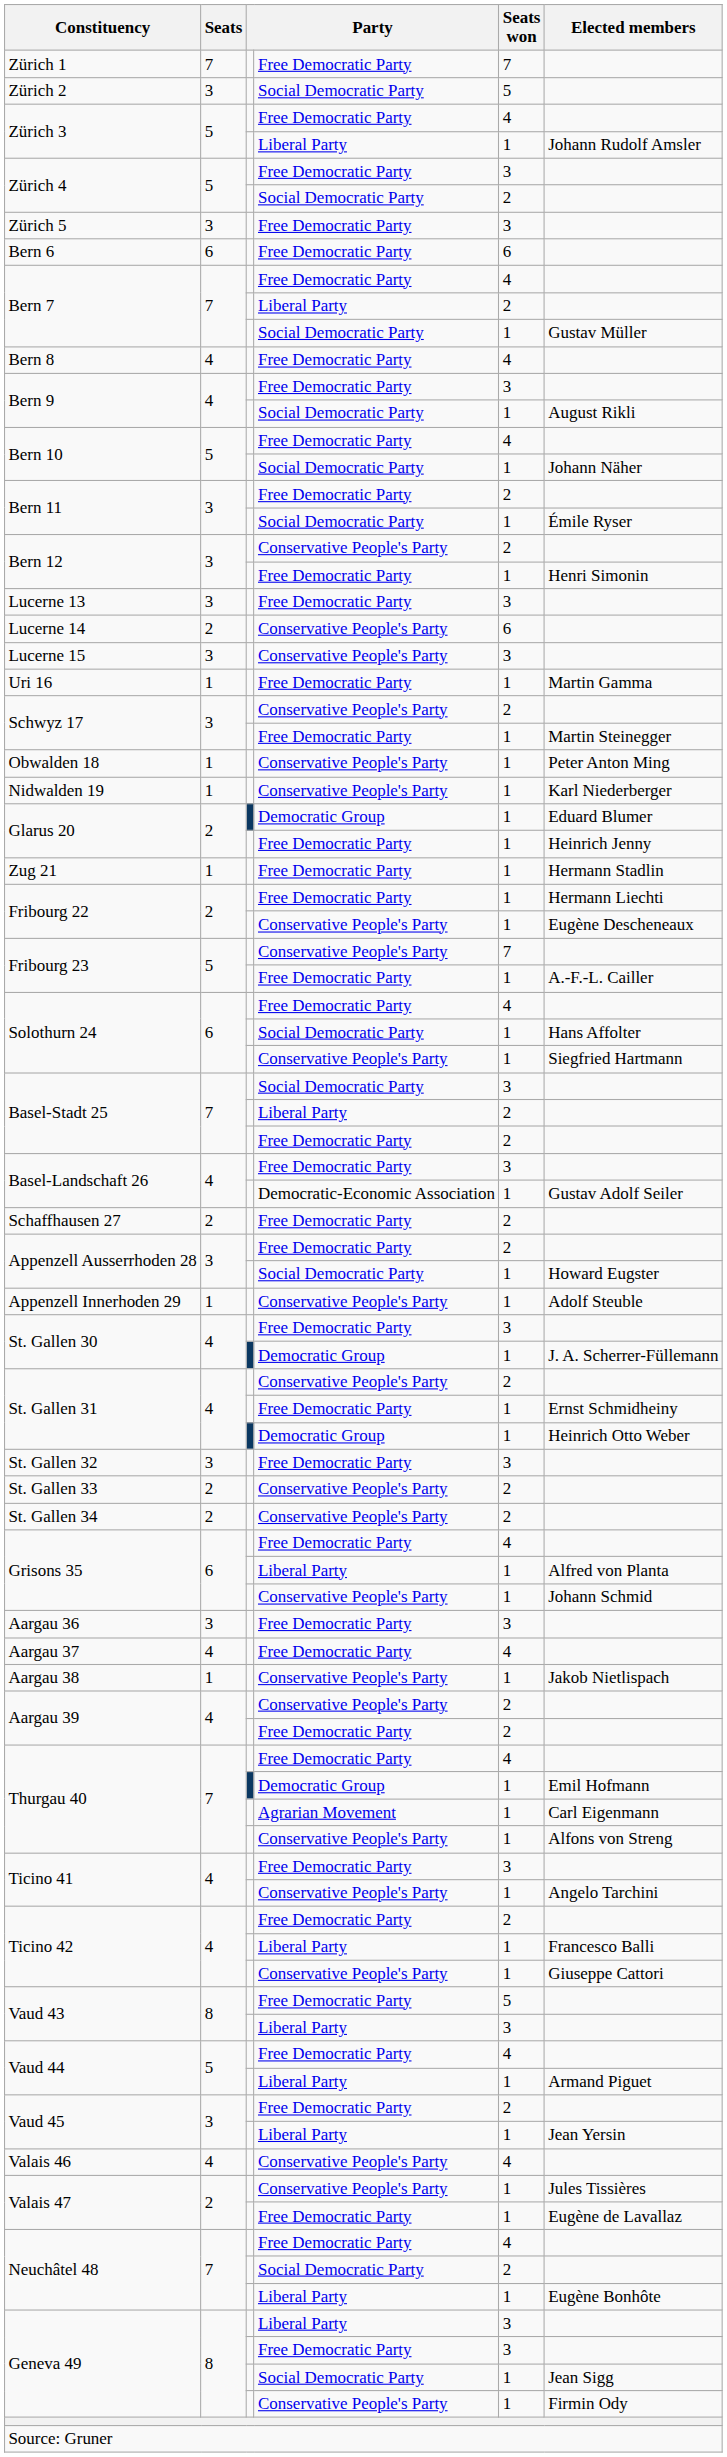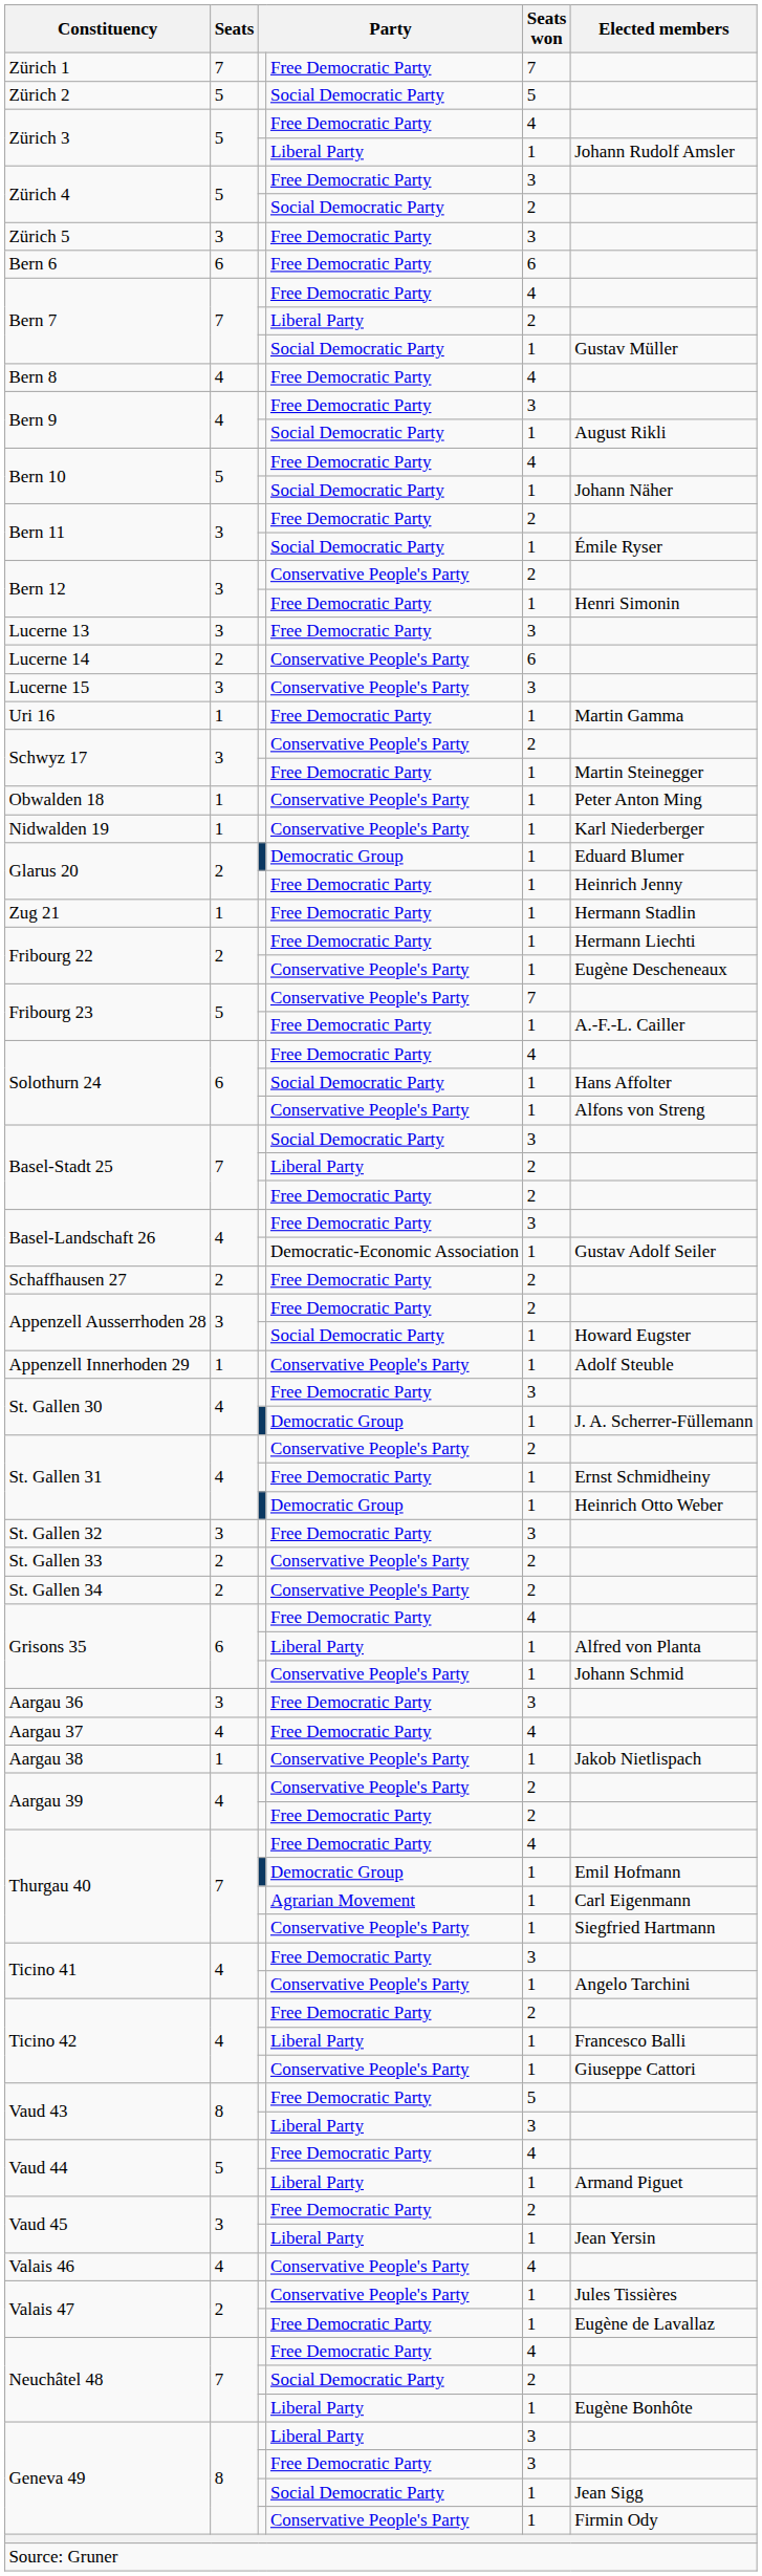 <table class="wikitable">
 <tr>
 <th>Constituency</th>
 <th>Seats</th>
 <th colspan="2">Party</th>
 <th>Seats<br>won</th>
 <th>Elected members</th>
 </tr>
 <tr>
 <td>Zürich 1</td>
 <td>7</td>
 <td style="color:inherit;background:"></td>
 <td><a href='#'>Free Democratic Party</a></td>
 <td>7</td>
 <td></td>
 </tr>
 <tr>
 <td>Zürich 2</td>
-<td>3</td>
+<td>5</td>
 <td style="color:inherit;background:"></td>
 <td><a href='#'>Social Democratic Party</a></td>
 <td>5</td>
 <td></td>
 </tr>
 <tr>
 <td rowspan="2">Zürich 3</td>
 <td rowspan="2">5</td>
 <td style="color:inherit;background:"></td>
 <td><a href='#'>Free Democratic Party</a></td>
 <td>4</td>
 <td></td>
 </tr>
 <tr>
 <td style="color:inherit;background:"></td>
 <td><a href='#'>Liberal Party</a></td>
 <td>1</td>
 <td>Johann Rudolf Amsler</td>
 </tr>
 <tr>
 <td rowspan="2">Zürich 4</td>
 <td rowspan="2">5</td>
 <td style="color:inherit;background:"></td>
 <td><a href='#'>Free Democratic Party</a></td>
 <td>3</td>
 <td></td>
 </tr>
 <tr>
 <td style="color:inherit;background:"></td>
 <td><a href='#'>Social Democratic Party</a></td>
 <td>2</td>
 <td></td>
 </tr>
 <tr>
 <td>Zürich 5</td>
 <td>3</td>
 <td style="color:inherit;background:"></td>
 <td><a href='#'>Free Democratic Party</a></td>
 <td>3</td>
 <td></td>
 </tr>
 <tr>
 <td>Bern 6</td>
 <td>6</td>
 <td style="color:inherit;background:"></td>
 <td><a href='#'>Free Democratic Party</a></td>
 <td>6</td>
 <td></td>
 </tr>
 <tr>
 <td rowspan="3">Bern 7</td>
 <td rowspan="3">7</td>
 <td style="color:inherit;background:"></td>
 <td><a href='#'>Free Democratic Party</a></td>
 <td>4</td>
 <td></td>
 </tr>
 <tr>
 <td style="color:inherit;background:"></td>
 <td><a href='#'>Liberal Party</a></td>
 <td>2</td>
 <td></td>
 </tr>
 <tr>
 <td style="color:inherit;background:"></td>
 <td><a href='#'>Social Democratic Party</a></td>
 <td>1</td>
 <td>Gustav Müller</td>
 </tr>
 <tr>
 <td>Bern 8</td>
 <td>4</td>
 <td style="color:inherit;background:"></td>
 <td><a href='#'>Free Democratic Party</a></td>
 <td>4</td>
 <td></td>
 </tr>
 <tr>
 <td rowspan="2">Bern 9</td>
 <td rowspan="2">4</td>
 <td style="color:inherit;background:"></td>
 <td><a href='#'>Free Democratic Party</a></td>
 <td>3</td>
 <td></td>
 </tr>
 <tr>
 <td style="color:inherit;background:"></td>
 <td><a href='#'>Social Democratic Party</a></td>
 <td>1</td>
 <td>August Rikli</td>
 </tr>
 <tr>
 <td rowspan="2">Bern 10</td>
 <td rowspan="2">5</td>
 <td style="color:inherit;background:"></td>
 <td><a href='#'>Free Democratic Party</a></td>
 <td>4</td>
 <td></td>
 </tr>
 <tr>
 <td style="color:inherit;background:"></td>
 <td><a href='#'>Social Democratic Party</a></td>
 <td>1</td>
 <td>Johann Näher</td>
 </tr>
 <tr>
 <td rowspan="2">Bern 11</td>
 <td rowspan="2">3</td>
 <td style="color:inherit;background:"></td>
 <td><a href='#'>Free Democratic Party</a></td>
 <td>2</td>
 <td></td>
 </tr>
 <tr>
 <td style="color:inherit;background:"></td>
 <td><a href='#'>Social Democratic Party</a></td>
 <td>1</td>
 <td>Émile Ryser</td>
 </tr>
 <tr>
 <td rowspan="2">Bern 12</td>
 <td rowspan="2">3</td>
 <td style="color:inherit;background:"></td>
 <td><a href='#'>Conservative People's Party</a></td>
 <td>2</td>
 <td></td>
 </tr>
 <tr>
 <td style="color:inherit;background:"></td>
 <td><a href='#'>Free Democratic Party</a></td>
 <td>1</td>
 <td>Henri Simonin</td>
 </tr>
 <tr>
 <td>Lucerne 13</td>
 <td>3</td>
 <td style="color:inherit;background:"></td>
 <td><a href='#'>Free Democratic Party</a></td>
 <td>3</td>
 <td></td>
 </tr>
 <tr>
 <td>Lucerne 14</td>
 <td>2</td>
 <td style="color:inherit;background:"></td>
 <td><a href='#'>Conservative People's Party</a></td>
 <td>6</td>
 <td></td>
 </tr>
 <tr>
 <td>Lucerne 15</td>
 <td>3</td>
 <td style="color:inherit;background:"></td>
 <td><a href='#'>Conservative People's Party</a></td>
 <td>3</td>
 <td></td>
 </tr>
 <tr>
 <td>Uri 16</td>
 <td>1</td>
 <td style="color:inherit;background:"></td>
 <td><a href='#'>Free Democratic Party</a></td>
 <td>1</td>
 <td>Martin Gamma</td>
 </tr>
 <tr>
 <td rowspan="2">Schwyz 17</td>
 <td rowspan="2">3</td>
 <td style="color:inherit;background:"></td>
 <td><a href='#'>Conservative People's Party</a></td>
 <td>2</td>
 <td></td>
 </tr>
 <tr>
 <td style="color:inherit;background:"></td>
 <td><a href='#'>Free Democratic Party</a></td>
 <td>1</td>
 <td>Martin Steinegger</td>
 </tr>
 <tr>
 <td>Obwalden 18</td>
 <td>1</td>
 <td style="color:inherit;background:"></td>
 <td><a href='#'>Conservative People's Party</a></td>
 <td>1</td>
 <td>Peter Anton Ming</td>
 </tr>
 <tr>
 <td>Nidwalden 19</td>
 <td>1</td>
 <td style="color:inherit;background:"></td>
 <td><a href='#'>Conservative People's Party</a></td>
 <td>1</td>
 <td>Karl Niederberger</td>
 </tr>
 <tr>
 <td rowspan="2">Glarus 20</td>
 <td rowspan="2">2</td>
 <td style="color:inherit;background:#0B3861"></td>
 <td><a href='#'>Democratic Group</a></td>
 <td>1</td>
 <td>Eduard Blumer</td>
 </tr>
 <tr>
 <td style="color:inherit;background:"></td>
 <td><a href='#'>Free Democratic Party</a></td>
 <td>1</td>
 <td>Heinrich Jenny</td>
 </tr>
 <tr>
 <td>Zug 21</td>
 <td>1</td>
 <td style="color:inherit;background:"></td>
 <td><a href='#'>Free Democratic Party</a></td>
 <td>1</td>
 <td>Hermann Stadlin</td>
 </tr>
 <tr>
 <td rowspan="2">Fribourg 22</td>
 <td rowspan="2">2</td>
 <td style="color:inherit;background:"></td>
 <td><a href='#'>Free Democratic Party</a></td>
 <td>1</td>
 <td>Hermann Liechti</td>
 </tr>
 <tr>
 <td style="color:inherit;background:"></td>
 <td><a href='#'>Conservative People's Party</a></td>
 <td>1</td>
 <td>Eugène Descheneaux</td>
 </tr>
 <tr>
 <td rowspan="2">Fribourg 23</td>
 <td rowspan="2">5</td>
 <td style="color:inherit;background:"></td>
 <td><a href='#'>Conservative People's Party</a></td>
 <td>7</td>
 <td></td>
 </tr>
 <tr>
 <td style="color:inherit;background:"></td>
 <td><a href='#'>Free Democratic Party</a></td>
 <td>1</td>
 <td>A.-F.-L. Cailler</td>
 </tr>
 <tr>
 <td rowspan="3">Solothurn 24</td>
 <td rowspan="3">6</td>
 <td style="color:inherit;background:"></td>
 <td><a href='#'>Free Democratic Party</a></td>
 <td>4</td>
 <td></td>
 </tr>
 <tr>
 <td style="color:inherit;background:"></td>
 <td><a href='#'>Social Democratic Party</a></td>
 <td>1</td>
 <td>Hans Affolter</td>
 </tr>
 <tr>
 <td style="color:inherit;background:"></td>
 <td><a href='#'>Conservative People's Party</a></td>
 <td>1</td>
-<td>Siegfried Hartmann</td>
+<td>Alfons von Streng</td>
 </tr>
 <tr>
 <td rowspan="3">Basel-Stadt 25</td>
 <td rowspan="3">7</td>
 <td style="color:inherit;background:"></td>
 <td><a href='#'>Social Democratic Party</a></td>
 <td>3</td>
 <td></td>
 </tr>
 <tr>
 <td style="color:inherit;background:"></td>
 <td><a href='#'>Liberal Party</a></td>
 <td>2</td>
 <td></td>
 </tr>
 <tr>
 <td style="color:inherit;background:"></td>
 <td><a href='#'>Free Democratic Party</a></td>
 <td>2</td>
 <td></td>
 </tr>
 <tr>
 <td rowspan="2">Basel-Landschaft 26</td>
 <td rowspan="2">4</td>
 <td style="color:inherit;background:"></td>
 <td><a href='#'>Free Democratic Party</a></td>
 <td>3</td>
 <td></td>
 </tr>
 <tr>
 <td style="color:inherit;background:"></td>
 <td>Democratic-Economic Association</td>
 <td>1</td>
 <td>Gustav Adolf Seiler</td>
 </tr>
 <tr>
 <td>Schaffhausen 27</td>
 <td>2</td>
 <td style="color:inherit;background:"></td>
 <td><a href='#'>Free Democratic Party</a></td>
 <td>2</td>
 <td></td>
 </tr>
 <tr>
 <td rowspan="2">Appenzell Ausserrhoden 28</td>
 <td rowspan="2">3</td>
 <td style="color:inherit;background:"></td>
 <td><a href='#'>Free Democratic Party</a></td>
 <td>2</td>
 <td></td>
 </tr>
 <tr>
 <td style="color:inherit;background:"></td>
 <td><a href='#'>Social Democratic Party</a></td>
 <td>1</td>
 <td>Howard Eugster</td>
 </tr>
 <tr>
 <td>Appenzell Innerhoden 29</td>
 <td>1</td>
 <td style="color:inherit;background:"></td>
 <td><a href='#'>Conservative People's Party</a></td>
 <td>1</td>
 <td>Adolf Steuble</td>
 </tr>
 <tr>
 <td rowspan="2">St. Gallen 30</td>
 <td rowspan="2">4</td>
 <td style="color:inherit;background:"></td>
 <td><a href='#'>Free Democratic Party</a></td>
 <td>3</td>
 <td></td>
 </tr>
 <tr>
 <td style="color:inherit;background:#0B3861"></td>
 <td><a href='#'>Democratic Group</a></td>
 <td>1</td>
 <td>J. A. Scherrer-Füllemann</td>
 </tr>
 <tr>
 <td rowspan="3">St. Gallen 31</td>
 <td rowspan="3">4</td>
 <td style="color:inherit;background:"></td>
 <td><a href='#'>Conservative People's Party</a></td>
 <td>2</td>
 <td></td>
 </tr>
 <tr>
 <td style="color:inherit;background:"></td>
 <td><a href='#'>Free Democratic Party</a></td>
 <td>1</td>
 <td>Ernst Schmidheiny</td>
 </tr>
 <tr>
 <td style="color:inherit;background:#0B3861"></td>
 <td><a href='#'>Democratic Group</a></td>
 <td>1</td>
 <td>Heinrich Otto Weber</td>
 </tr>
 <tr>
 <td>St. Gallen 32</td>
 <td>3</td>
 <td style="color:inherit;background:"></td>
 <td><a href='#'>Free Democratic Party</a></td>
 <td>3</td>
 <td></td>
 </tr>
 <tr>
 <td>St. Gallen 33</td>
 <td>2</td>
 <td style="color:inherit;background:"></td>
 <td><a href='#'>Conservative People's Party</a></td>
 <td>2</td>
 <td></td>
 </tr>
 <tr>
 <td>St. Gallen 34</td>
 <td>2</td>
 <td style="color:inherit;background:"></td>
 <td><a href='#'>Conservative People's Party</a></td>
 <td>2</td>
 <td></td>
 </tr>
 <tr>
 <td rowspan="3">Grisons 35</td>
 <td rowspan="3">6</td>
 <td style="color:inherit;background:"></td>
 <td><a href='#'>Free Democratic Party</a></td>
 <td>4</td>
 <td></td>
 </tr>
 <tr>
 <td style="color:inherit;background:"></td>
 <td><a href='#'>Liberal Party</a></td>
 <td>1</td>
 <td>Alfred von Planta</td>
 </tr>
 <tr>
 <td style="color:inherit;background:"></td>
 <td><a href='#'>Conservative People's Party</a></td>
 <td>1</td>
 <td>Johann Schmid</td>
 </tr>
 <tr>
 <td>Aargau 36</td>
 <td>3</td>
 <td style="color:inherit;background:"></td>
 <td><a href='#'>Free Democratic Party</a></td>
 <td>3</td>
 <td></td>
 </tr>
 <tr>
 <td>Aargau 37</td>
 <td>4</td>
 <td style="color:inherit;background:"></td>
 <td><a href='#'>Free Democratic Party</a></td>
 <td>4</td>
 <td></td>
 </tr>
 <tr>
 <td>Aargau 38</td>
 <td>1</td>
 <td style="color:inherit;background:"></td>
 <td><a href='#'>Conservative People's Party</a></td>
 <td>1</td>
 <td>Jakob Nietlispach</td>
 </tr>
 <tr>
 <td rowspan="2">Aargau 39</td>
 <td rowspan="2">4</td>
 <td style="color:inherit;background:"></td>
 <td><a href='#'>Conservative People's Party</a></td>
 <td>2</td>
 <td></td>
 </tr>
 <tr>
 <td style="color:inherit;background:"></td>
 <td><a href='#'>Free Democratic Party</a></td>
 <td>2</td>
 <td></td>
 </tr>
 <tr>
 <td rowspan="4">Thurgau 40</td>
 <td rowspan="4">7</td>
 <td style="color:inherit;background:"></td>
 <td><a href='#'>Free Democratic Party</a></td>
 <td>4</td>
 <td></td>
 </tr>
 <tr>
 <td style="color:inherit;background:#0B3861"></td>
 <td><a href='#'>Democratic Group</a></td>
 <td>1</td>
 <td>Emil Hofmann</td>
 </tr>
 <tr>
 <td style="color:inherit;background:"></td>
 <td><a href='#'>Agrarian Movement</a></td>
 <td>1</td>
 <td>Carl Eigenmann</td>
 </tr>
 <tr>
 <td style="color:inherit;background:"></td>
 <td><a href='#'>Conservative People's Party</a></td>
 <td>1</td>
-<td>Alfons von Streng</td>
+<td>Siegfried Hartmann</td>
 </tr>
 <tr>
 <td rowspan="2">Ticino 41</td>
 <td rowspan="2">4</td>
 <td style="color:inherit;background:"></td>
 <td><a href='#'>Free Democratic Party</a></td>
 <td>3</td>
 <td></td>
 </tr>
 <tr>
 <td style="color:inherit;background:"></td>
 <td><a href='#'>Conservative People's Party</a></td>
 <td>1</td>
 <td>Angelo Tarchini</td>
 </tr>
 <tr>
 <td rowspan="3">Ticino 42</td>
 <td rowspan="3">4</td>
 <td style="color:inherit;background:"></td>
 <td><a href='#'>Free Democratic Party</a></td>
 <td>2</td>
 <td></td>
 </tr>
 <tr>
 <td style="color:inherit;background:"></td>
 <td><a href='#'>Liberal Party</a></td>
 <td>1</td>
 <td>Francesco Balli</td>
 </tr>
 <tr>
 <td style="color:inherit;background:"></td>
 <td><a href='#'>Conservative People's Party</a></td>
 <td>1</td>
 <td>Giuseppe Cattori</td>
 </tr>
 <tr>
 <td rowspan="2">Vaud 43</td>
 <td rowspan="2">8</td>
 <td style="color:inherit;background:"></td>
 <td><a href='#'>Free Democratic Party</a></td>
 <td>5</td>
 <td></td>
 </tr>
 <tr>
 <td style="color:inherit;background:"></td>
 <td><a href='#'>Liberal Party</a></td>
 <td>3</td>
 <td></td>
 </tr>
 <tr>
 <td rowspan="2">Vaud 44</td>
 <td rowspan="2">5</td>
 <td style="color:inherit;background:"></td>
 <td><a href='#'>Free Democratic Party</a></td>
 <td>4</td>
 <td></td>
 </tr>
 <tr>
 <td style="color:inherit;background:"></td>
 <td><a href='#'>Liberal Party</a></td>
 <td>1</td>
 <td>Armand Piguet</td>
 </tr>
 <tr>
 <td rowspan="2">Vaud 45</td>
 <td rowspan="2">3</td>
 <td style="color:inherit;background:"></td>
 <td><a href='#'>Free Democratic Party</a></td>
 <td>2</td>
 <td></td>
 </tr>
 <tr>
 <td style="color:inherit;background:"></td>
 <td><a href='#'>Liberal Party</a></td>
 <td>1</td>
 <td>Jean Yersin</td>
 </tr>
 <tr>
 <td>Valais 46</td>
 <td>4</td>
 <td style="color:inherit;background:"></td>
 <td><a href='#'>Conservative People's Party</a></td>
 <td>4</td>
 <td></td>
 </tr>
 <tr>
 <td rowspan="2">Valais 47</td>
 <td rowspan="2">2</td>
 <td style="color:inherit;background:"></td>
 <td><a href='#'>Conservative People's Party</a></td>
 <td>1</td>
 <td>Jules Tissières</td>
 </tr>
 <tr>
 <td style="color:inherit;background:"></td>
 <td><a href='#'>Free Democratic Party</a></td>
 <td>1</td>
 <td>Eugène de Lavallaz</td>
 </tr>
 <tr>
 <td rowspan="3">Neuchâtel 48</td>
 <td rowspan="3">7</td>
 <td style="color:inherit;background:"></td>
 <td><a href='#'>Free Democratic Party</a></td>
 <td>4</td>
 <td></td>
 </tr>
 <tr>
 <td style="color:inherit;background:"></td>
 <td><a href='#'>Social Democratic Party</a></td>
 <td>2</td>
 <td></td>
 </tr>
 <tr>
 <td style="color:inherit;background:"></td>
 <td><a href='#'>Liberal Party</a></td>
 <td>1</td>
 <td>Eugène Bonhôte</td>
 </tr>
 <tr>
 <td rowspan="4">Geneva 49</td>
 <td rowspan="4">8</td>
 <td style="color:inherit;background:"></td>
 <td><a href='#'>Liberal Party</a></td>
 <td>3</td>
 <td></td>
 </tr>
 <tr>
 <td style="color:inherit;background:"></td>
 <td><a href='#'>Free Democratic Party</a></td>
 <td>3</td>
 <td></td>
 </tr>
 <tr>
 <td style="color:inherit;background:"></td>
 <td><a href='#'>Social Democratic Party</a></td>
 <td>1</td>
 <td>Jean Sigg</td>
 </tr>
 <tr>
 <td style="color:inherit;background:"></td>
 <td><a href='#'>Conservative People's Party</a></td>
 <td>1</td>
 <td>Firmin Ody</td>
 </tr>
 <tr>
 <th colspan="6"></th>
 </tr>
 <tr>
 <td colspan="6">Source: Gruner</td>
 </tr>
 </table>
